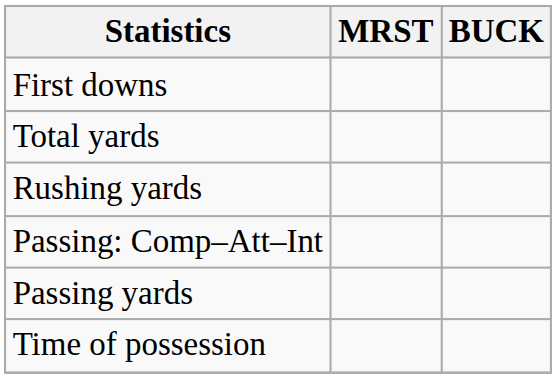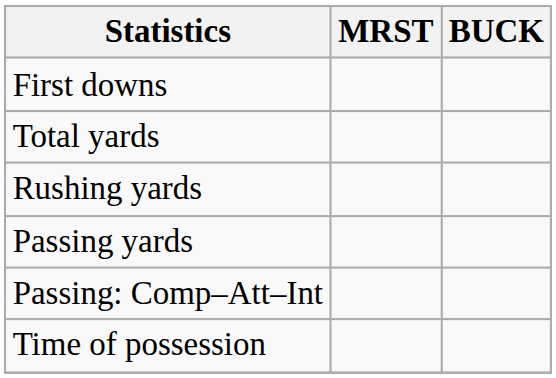 <table class="wikitable" style="float: left;">
 <tr>
 <th>Statistics</th>
 <th>MRST</th>
 <th>BUCK</th>
 </tr>
 <tr>
 <td>First downs</td>
 <td></td>
 <td></td>
 </tr>
 <tr>
 <td>Total yards</td>
 <td></td>
 <td></td>
 </tr>
 <tr>
 <td>Rushing yards</td>
 <td></td>
 <td></td>
 </tr>
 <tr>
-<td>Passing: Comp–Att–Int</td>
+<td>Passing yards</td>
 <td></td>
 <td></td>
 </tr>
 <tr>
-<td>Passing yards</td>
+<td>Passing: Comp–Att–Int</td>
 <td></td>
 <td></td>
 </tr>
 <tr>
 <td>Time of possession</td>
 <td></td>
 <td></td>
 </tr>
 <tr>
 </tr>
 </table>
